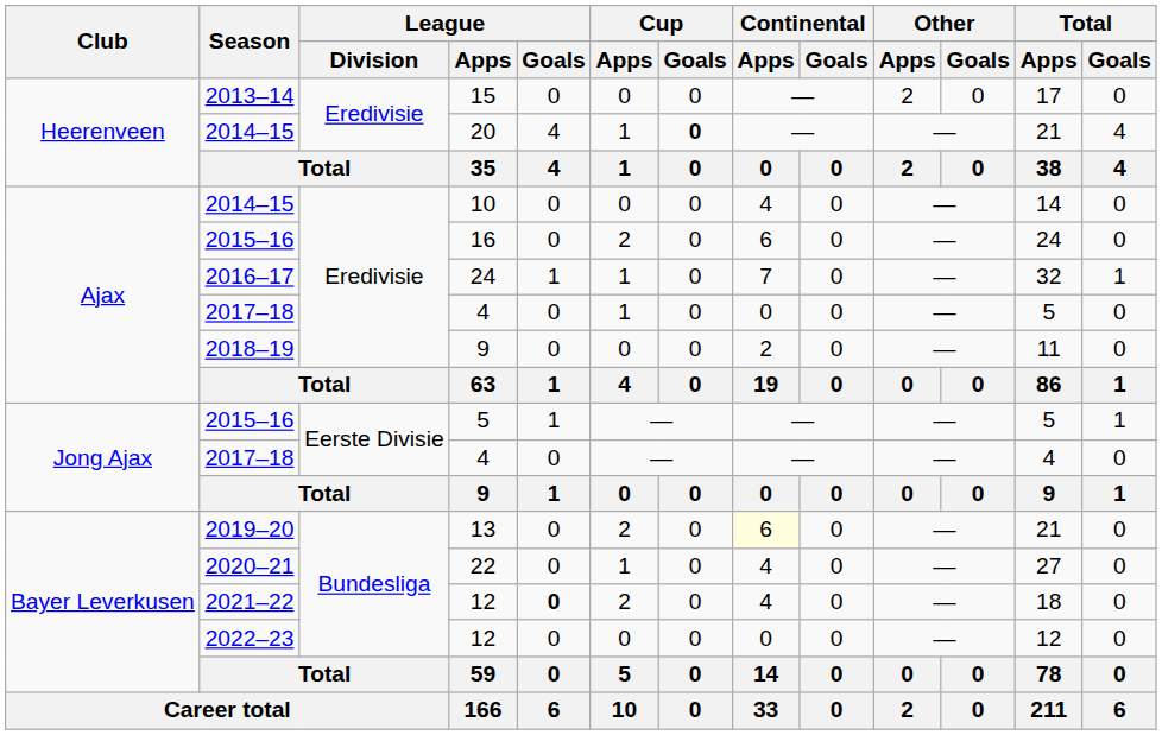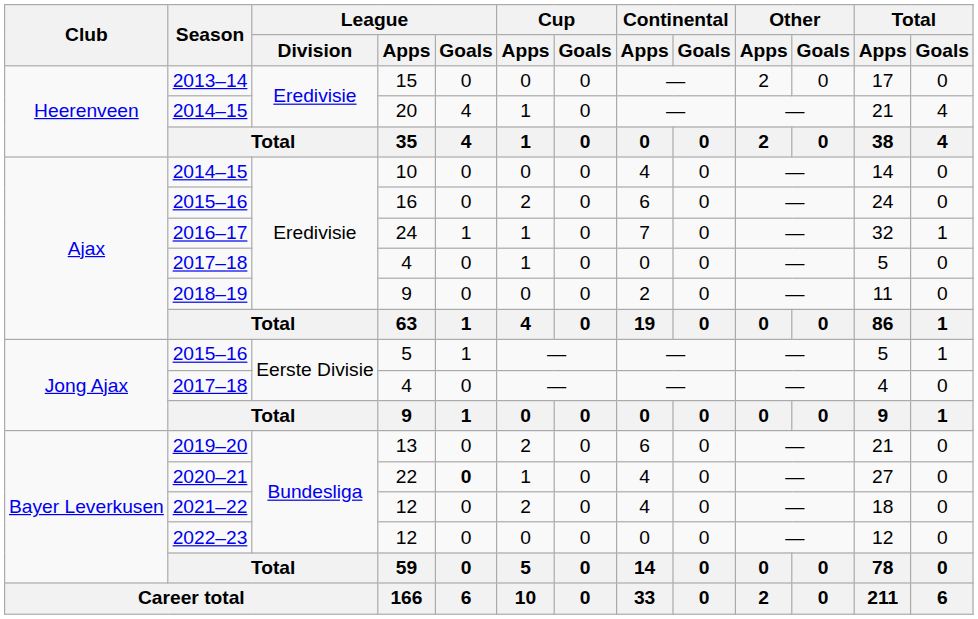 <table class="wikitable" style="text-align:center">
 <tr>
 <th rowspan=2>Club</th>
 <th rowspan=2>Season</th>
 <th colspan=3>League</th>
 <th colspan=2>Cup</th>
 <th colspan=2>Continental</th>
 <th colspan=2>Other</th>
 <th colspan=2>Total</th>
 </tr>
 <tr>
 <th>Division</th>
 <th>Apps</th>
 <th>Goals</th>
 <th>Apps</th>
 <th>Goals</th>
 <th>Apps</th>
 <th>Goals</th>
 <th>Apps</th>
 <th>Goals</th>
 <th>Apps</th>
 <th>Goals</th>
 </tr>
 <tr>
 <td rowspan=3><a href='#'>Heerenveen</a></td>
 <td><a href='#'>2013–14</a></td>
 <td rowspan=2><a href='#'>Eredivisie</a></td>
 <td>15</td>
 <td>0</td>
 <td>0</td>
 <td>0</td>
 <td colspan=2>—</td>
 <td>2</td>
 <td>0</td>
 <td>17</td>
 <td>0</td>
 </tr>
 <tr>
 <td><a href='#'>2014–15</a></td>
 <td>20</td>
 <td>4</td>
 <td>1</td>
-<td><strong>0</strong></td>
+<td>0</td>
 <td colspan=2>—</td>
 <td colspan=2>—</td>
 <td>21</td>
 <td>4</td>
 </tr>
 <tr>
 <th colspan=2>Total</th>
 <th>35</th>
 <th>4</th>
 <th>1</th>
 <th>0</th>
 <th>0</th>
 <th>0</th>
 <th>2</th>
 <th>0</th>
 <th>38</th>
 <th>4</th>
 </tr>
 <tr>
 <td rowspan=6><a href='#'>Ajax</a></td>
 <td><a href='#'>2014–15</a></td>
 <td rowspan=5>Eredivisie</td>
 <td>10</td>
 <td>0</td>
 <td>0</td>
 <td>0</td>
 <td>4</td>
 <td>0</td>
 <td colspan=2>—</td>
 <td>14</td>
 <td>0</td>
 </tr>
 <tr>
 <td><a href='#'>2015–16</a></td>
 <td>16</td>
 <td>0</td>
 <td>2</td>
 <td>0</td>
 <td>6</td>
 <td>0</td>
 <td colspan=2>—</td>
 <td>24</td>
 <td>0</td>
 </tr>
 <tr>
 <td><a href='#'>2016–17</a></td>
 <td>24</td>
 <td>1</td>
 <td>1</td>
 <td>0</td>
 <td>7</td>
 <td>0</td>
 <td colspan=2>—</td>
 <td>32</td>
 <td>1</td>
 </tr>
 <tr>
 <td><a href='#'>2017–18</a></td>
 <td>4</td>
 <td>0</td>
 <td>1</td>
 <td>0</td>
 <td>0</td>
 <td>0</td>
 <td colspan=2>—</td>
 <td>5</td>
 <td>0</td>
 </tr>
 <tr>
 <td><a href='#'>2018–19</a></td>
 <td>9</td>
 <td>0</td>
 <td>0</td>
 <td>0</td>
 <td>2</td>
 <td>0</td>
 <td colspan=2>—</td>
 <td>11</td>
 <td>0</td>
 </tr>
 <tr>
 <th colspan=2>Total</th>
 <th>63</th>
 <th>1</th>
 <th>4</th>
 <th>0</th>
 <th>19</th>
 <th>0</th>
 <th>0</th>
 <th>0</th>
 <th>86</th>
 <th>1</th>
 </tr>
 <tr>
 <td rowspan=3><a href='#'>Jong Ajax</a></td>
 <td><a href='#'>2015–16</a></td>
 <td rowspan=2>Eerste Divisie</td>
 <td>5</td>
 <td>1</td>
 <td colspan=2>—</td>
 <td colspan=2>—</td>
 <td colspan=2>—</td>
 <td>5</td>
 <td>1</td>
 </tr>
 <tr>
 <td><a href='#'>2017–18</a></td>
 <td>4</td>
 <td>0</td>
 <td colspan=2>—</td>
 <td colspan=2>—</td>
 <td colspan=2>—</td>
 <td>4</td>
 <td>0</td>
 </tr>
 <tr>
 <th colspan=2>Total</th>
 <th>9</th>
 <th>1</th>
 <th>0</th>
 <th>0</th>
 <th>0</th>
 <th>0</th>
 <th>0</th>
 <th>0</th>
 <th>9</th>
 <th>1</th>
 </tr>
 <tr>
 <td rowspan=5><a href='#'>Bayer Leverkusen</a></td>
 <td><a href='#'>2019–20</a></td>
 <td rowspan=4><a href='#'>Bundesliga</a></td>
 <td>13</td>
 <td>0</td>
 <td>2</td>
 <td>0</td>
-<td style="background: lightyellow;">6</td>
+<td>6</td>
 <td>0</td>
 <td colspan=2>—</td>
 <td>21</td>
 <td>0</td>
 </tr>
 <tr>
 <td><a href='#'>2020–21</a></td>
 <td>22</td>
-<td>0</td>
+<td><strong>0</strong></td>
 <td>1</td>
 <td>0</td>
 <td>4</td>
 <td>0</td>
 <td colspan=2>—</td>
 <td>27</td>
 <td>0</td>
 </tr>
 <tr>
 <td><a href='#'>2021–22</a></td>
 <td>12</td>
-<td><strong>0</strong></td>
+<td>0</td>
 <td>2</td>
 <td>0</td>
 <td>4</td>
 <td>0</td>
 <td colspan=2>—</td>
 <td>18</td>
 <td>0</td>
 </tr>
 <tr>
 <td><a href='#'>2022–23</a></td>
 <td>12</td>
 <td>0</td>
 <td>0</td>
 <td>0</td>
 <td>0</td>
 <td>0</td>
 <td colspan=2>—</td>
 <td>12</td>
 <td>0</td>
 </tr>
 <tr>
 <th colspan=2>Total</th>
 <th>59</th>
 <th>0</th>
 <th>5</th>
 <th>0</th>
 <th>14</th>
 <th>0</th>
 <th>0</th>
 <th>0</th>
 <th>78</th>
 <th>0</th>
 </tr>
 <tr>
 <th colspan=3>Career total</th>
 <th>166</th>
 <th>6</th>
 <th>10</th>
 <th>0</th>
 <th>33</th>
 <th>0</th>
 <th>2</th>
 <th>0</th>
 <th>211</th>
 <th>6</th>
 </tr>
 </table>
